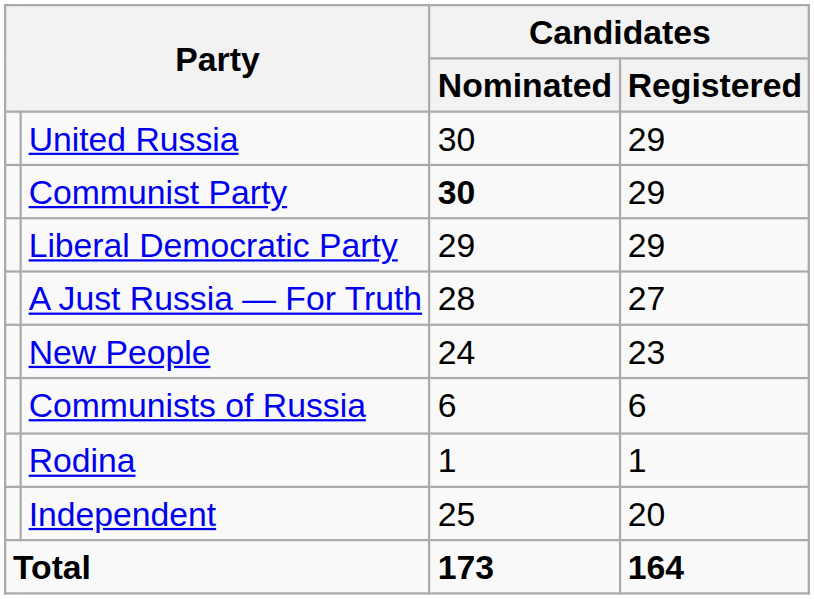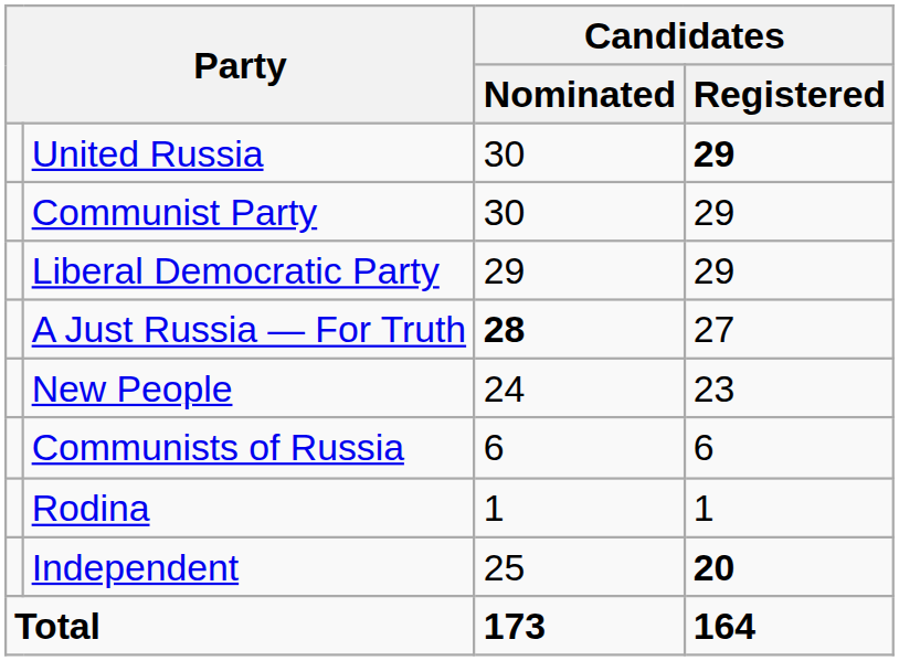 <table class="wikitable sortable" style="background: #f9f9f9; text-align:left; font-size: 95%">
 <tr>
 <th align=center rowspan=2 colspan=2>Party</th>
 <th align=center colspan=2>Candidates</th>
 </tr>
 <tr>
 <th align=center>Nominated</th>
 <th align=center>Registered</th>
 </tr>
 <tr>
 <td></td>
 <td><a href='#'>United Russia</a></td>
 <td>30</td>
-<td>29</td>
+<td><strong>29</strong></td>
 </tr>
 <tr>
 <td></td>
 <td><a href='#'>Communist Party</a></td>
-<td><strong>30</strong></td>
+<td>30</td>
 <td>29</td>
 </tr>
 <tr>
 <td></td>
 <td><a href='#'>Liberal Democratic Party</a></td>
 <td>29</td>
 <td>29</td>
 </tr>
 <tr>
 <td></td>
 <td><a href='#'>A Just Russia — For Truth</a></td>
-<td>28</td>
+<td><strong>28</strong></td>
 <td>27</td>
 </tr>
 <tr>
 <td></td>
 <td><a href='#'>New People</a></td>
 <td>24</td>
 <td>23</td>
 </tr>
 <tr>
 <td></td>
 <td><a href='#'>Communists of Russia</a></td>
 <td>6</td>
 <td>6</td>
 </tr>
 <tr>
 <td></td>
 <td><a href='#'>Rodina</a></td>
 <td>1</td>
 <td>1</td>
 </tr>
 <tr>
 <td></td>
 <td><a href='#'>Independent</a></td>
 <td>25</td>
-<td>20</td>
+<td><strong>20</strong></td>
 </tr>
 <tr>
 <td colspan=2><strong>Total</strong></td>
 <td><strong>173</strong></td>
 <td><strong>164</strong></td>
 </tr>
 </table>
